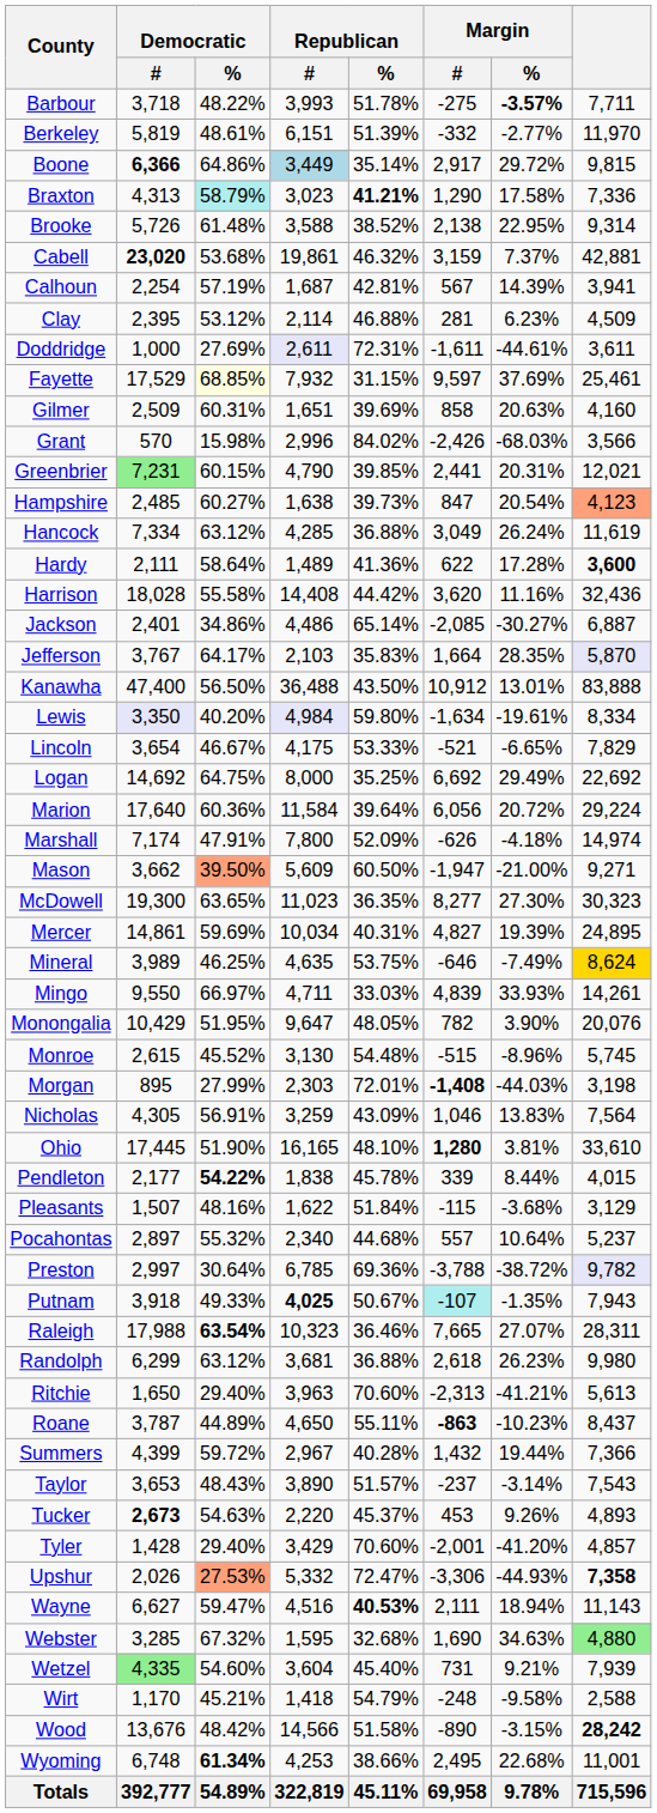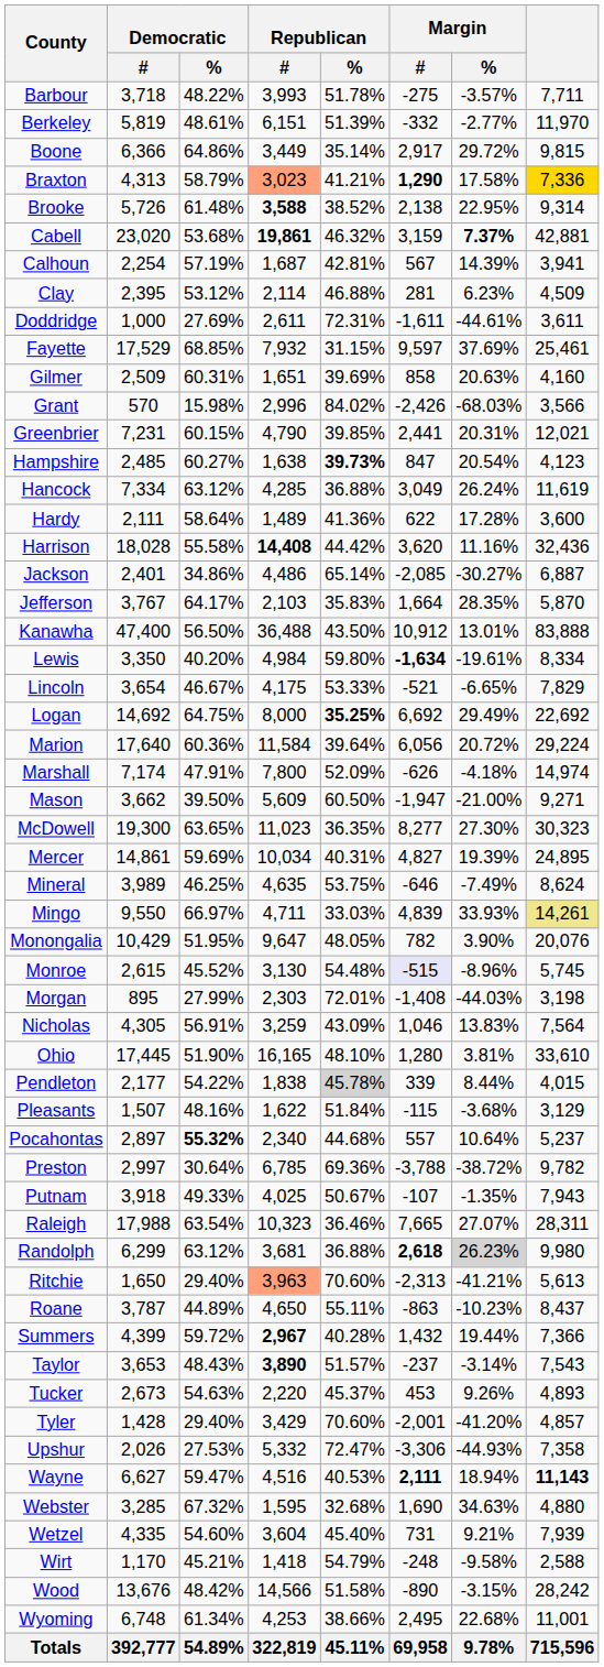 <table class="wikitable sortable mw-collapsible mw-collapsed">
 <tr>
 <th rowspan="2">County</th>
 <th colspan="2"><br>Democratic</th>
 <th colspan="2"><br>Republican</th>
 <th colspan="2">Margin</th>
 <th rowspan="2"></th>
 </tr>
 <tr>
 <th style="text-align:center;" data-sort-type="number">#</th>
 <th style="text-align:center;" data-sort-type="number">%</th>
 <th style="text-align:center;" data-sort-type="number">#</th>
 <th style="text-align:center;" data-sort-type="number">%</th>
 <th style="text-align:center;" data-sort-type="number">#</th>
 <th style="text-align:center;" data-sort-type="number">%</th>
 </tr>
 <tr style="text-align:center;">
 <td><a href='#'>Barbour</a></td>
 <td>3,718</td>
 <td>48.22%</td>
 <td>3,993</td>
 <td>51.78%</td>
 <td>-275</td>
-<td><strong>-3.57%</strong></td>
+<td>-3.57%</td>
 <td>7,711</td>
 </tr>
 <tr style="text-align:center;">
 <td><a href='#'>Berkeley</a></td>
 <td>5,819</td>
 <td>48.61%</td>
 <td>6,151</td>
 <td>51.39%</td>
 <td>-332</td>
 <td>-2.77%</td>
 <td>11,970</td>
 </tr>
 <tr style="text-align:center;">
 <td><a href='#'>Boone</a></td>
-<td><strong>6,366</strong></td>
+<td>6,366</td>
 <td>64.86%</td>
-<td style="background: lightblue;">3,449</td>
+<td>3,449</td>
 <td>35.14%</td>
 <td>2,917</td>
 <td>29.72%</td>
 <td>9,815</td>
 </tr>
 <tr style="text-align:center;">
 <td><a href='#'>Braxton</a></td>
 <td>4,313</td>
-<td style="background: paleturquoise;">58.79%</td>
-<td>3,023</td>
-<td><strong>41.21%</strong></td>
-<td>1,290</td>
+<td>58.79%</td>
+<td style="background: lightsalmon;">3,023</td>
+<td>41.21%</td>
+<td><strong>1,290</strong></td>
 <td>17.58%</td>
-<td>7,336</td>
+<td style="background: gold;">7,336</td>
 </tr>
 <tr style="text-align:center;">
 <td><a href='#'>Brooke</a></td>
 <td>5,726</td>
 <td>61.48%</td>
-<td>3,588</td>
+<td><strong>3,588</strong></td>
 <td>38.52%</td>
 <td>2,138</td>
 <td>22.95%</td>
 <td>9,314</td>
 </tr>
 <tr style="text-align:center;">
 <td><a href='#'>Cabell</a></td>
-<td><strong>23,020</strong></td>
+<td>23,020</td>
 <td>53.68%</td>
-<td>19,861</td>
+<td><strong>19,861</strong></td>
 <td>46.32%</td>
 <td>3,159</td>
-<td>7.37%</td>
+<td><strong>7.37%</strong></td>
 <td>42,881</td>
 </tr>
 <tr style="text-align:center;">
 <td><a href='#'>Calhoun</a></td>
 <td>2,254</td>
 <td>57.19%</td>
 <td>1,687</td>
 <td>42.81%</td>
 <td>567</td>
 <td>14.39%</td>
 <td>3,941</td>
 </tr>
 <tr style="text-align:center;">
 <td><a href='#'>Clay</a></td>
 <td>2,395</td>
 <td>53.12%</td>
 <td>2,114</td>
 <td>46.88%</td>
 <td>281</td>
 <td>6.23%</td>
 <td>4,509</td>
 </tr>
 <tr style="text-align:center;">
 <td><a href='#'>Doddridge</a></td>
 <td>1,000</td>
 <td>27.69%</td>
-<td style="background: lavender;">2,611</td>
+<td>2,611</td>
 <td>72.31%</td>
 <td>-1,611</td>
 <td>-44.61%</td>
 <td>3,611</td>
 </tr>
 <tr style="text-align:center;">
 <td><a href='#'>Fayette</a></td>
 <td>17,529</td>
-<td style="background: lightyellow;">68.85%</td>
+<td>68.85%</td>
 <td>7,932</td>
 <td>31.15%</td>
 <td>9,597</td>
 <td>37.69%</td>
 <td>25,461</td>
 </tr>
 <tr style="text-align:center;">
 <td><a href='#'>Gilmer</a></td>
 <td>2,509</td>
 <td>60.31%</td>
 <td>1,651</td>
 <td>39.69%</td>
 <td>858</td>
 <td>20.63%</td>
 <td>4,160</td>
 </tr>
 <tr style="text-align:center;">
 <td><a href='#'>Grant</a></td>
 <td>570</td>
 <td>15.98%</td>
 <td>2,996</td>
 <td>84.02%</td>
 <td>-2,426</td>
 <td>-68.03%</td>
 <td>3,566</td>
 </tr>
 <tr style="text-align:center;">
 <td><a href='#'>Greenbrier</a></td>
-<td style="background: lightgreen;">7,231</td>
+<td>7,231</td>
 <td>60.15%</td>
 <td>4,790</td>
 <td>39.85%</td>
 <td>2,441</td>
 <td>20.31%</td>
 <td>12,021</td>
 </tr>
 <tr style="text-align:center;">
 <td><a href='#'>Hampshire</a></td>
 <td>2,485</td>
 <td>60.27%</td>
 <td>1,638</td>
-<td>39.73%</td>
+<td><strong>39.73%</strong></td>
 <td>847</td>
 <td>20.54%</td>
-<td style="background: lightsalmon;">4,123</td>
+<td>4,123</td>
 </tr>
 <tr style="text-align:center;">
 <td><a href='#'>Hancock</a></td>
 <td>7,334</td>
 <td>63.12%</td>
 <td>4,285</td>
 <td>36.88%</td>
 <td>3,049</td>
 <td>26.24%</td>
 <td>11,619</td>
 </tr>
 <tr style="text-align:center;">
 <td><a href='#'>Hardy</a></td>
 <td>2,111</td>
 <td>58.64%</td>
 <td>1,489</td>
 <td>41.36%</td>
 <td>622</td>
 <td>17.28%</td>
-<td><strong>3,600</strong></td>
+<td>3,600</td>
 </tr>
 <tr style="text-align:center;">
 <td><a href='#'>Harrison</a></td>
 <td>18,028</td>
 <td>55.58%</td>
-<td>14,408</td>
+<td><strong>14,408</strong></td>
 <td>44.42%</td>
 <td>3,620</td>
 <td>11.16%</td>
 <td>32,436</td>
 </tr>
 <tr style="text-align:center;">
 <td><a href='#'>Jackson</a></td>
 <td>2,401</td>
 <td>34.86%</td>
 <td>4,486</td>
 <td>65.14%</td>
 <td>-2,085</td>
 <td>-30.27%</td>
 <td>6,887</td>
 </tr>
 <tr style="text-align:center;">
 <td><a href='#'>Jefferson</a></td>
 <td>3,767</td>
 <td>64.17%</td>
 <td>2,103</td>
 <td>35.83%</td>
 <td>1,664</td>
 <td>28.35%</td>
-<td style="background: lavender;">5,870</td>
+<td>5,870</td>
 </tr>
 <tr style="text-align:center;">
 <td><a href='#'>Kanawha</a></td>
 <td>47,400</td>
 <td>56.50%</td>
 <td>36,488</td>
 <td>43.50%</td>
 <td>10,912</td>
 <td>13.01%</td>
 <td>83,888</td>
 </tr>
 <tr style="text-align:center;">
 <td><a href='#'>Lewis</a></td>
-<td style="background: lavender;">3,350</td>
+<td>3,350</td>
 <td>40.20%</td>
-<td style="background: lavender;">4,984</td>
+<td>4,984</td>
 <td>59.80%</td>
-<td>-1,634</td>
+<td><strong>-1,634</strong></td>
 <td>-19.61%</td>
 <td>8,334</td>
 </tr>
 <tr style="text-align:center;">
 <td><a href='#'>Lincoln</a></td>
 <td>3,654</td>
 <td>46.67%</td>
 <td>4,175</td>
 <td>53.33%</td>
 <td>-521</td>
 <td>-6.65%</td>
 <td>7,829</td>
 </tr>
 <tr style="text-align:center;">
 <td><a href='#'>Logan</a></td>
 <td>14,692</td>
 <td>64.75%</td>
 <td>8,000</td>
-<td>35.25%</td>
+<td><strong>35.25%</strong></td>
 <td>6,692</td>
 <td>29.49%</td>
 <td>22,692</td>
 </tr>
 <tr style="text-align:center;">
 <td><a href='#'>Marion</a></td>
 <td>17,640</td>
 <td>60.36%</td>
 <td>11,584</td>
 <td>39.64%</td>
 <td>6,056</td>
 <td>20.72%</td>
 <td>29,224</td>
 </tr>
 <tr style="text-align:center;">
 <td><a href='#'>Marshall</a></td>
 <td>7,174</td>
 <td>47.91%</td>
 <td>7,800</td>
 <td>52.09%</td>
 <td>-626</td>
 <td>-4.18%</td>
 <td>14,974</td>
 </tr>
 <tr style="text-align:center;">
 <td><a href='#'>Mason</a></td>
 <td>3,662</td>
-<td style="background: lightsalmon;">39.50%</td>
+<td>39.50%</td>
 <td>5,609</td>
 <td>60.50%</td>
 <td>-1,947</td>
 <td>-21.00%</td>
 <td>9,271</td>
 </tr>
 <tr style="text-align:center;">
 <td><a href='#'>McDowell</a></td>
 <td>19,300</td>
 <td>63.65%</td>
 <td>11,023</td>
 <td>36.35%</td>
 <td>8,277</td>
 <td>27.30%</td>
 <td>30,323</td>
 </tr>
 <tr style="text-align:center;">
 <td><a href='#'>Mercer</a></td>
 <td>14,861</td>
 <td>59.69%</td>
 <td>10,034</td>
 <td>40.31%</td>
 <td>4,827</td>
 <td>19.39%</td>
 <td>24,895</td>
 </tr>
 <tr style="text-align:center;">
 <td><a href='#'>Mineral</a></td>
 <td>3,989</td>
 <td>46.25%</td>
 <td>4,635</td>
 <td>53.75%</td>
 <td>-646</td>
 <td>-7.49%</td>
-<td style="background: gold;">8,624</td>
+<td>8,624</td>
 </tr>
 <tr style="text-align:center;">
 <td><a href='#'>Mingo</a></td>
 <td>9,550</td>
 <td>66.97%</td>
 <td>4,711</td>
 <td>33.03%</td>
 <td>4,839</td>
 <td>33.93%</td>
-<td>14,261</td>
+<td style="background: khaki;">14,261</td>
 </tr>
 <tr style="text-align:center;">
 <td><a href='#'>Monongalia</a></td>
 <td>10,429</td>
 <td>51.95%</td>
 <td>9,647</td>
 <td>48.05%</td>
 <td>782</td>
 <td>3.90%</td>
 <td>20,076</td>
 </tr>
 <tr style="text-align:center;">
 <td><a href='#'>Monroe</a></td>
 <td>2,615</td>
 <td>45.52%</td>
 <td>3,130</td>
 <td>54.48%</td>
-<td>-515</td>
+<td style="background: lavender;">-515</td>
 <td>-8.96%</td>
 <td>5,745</td>
 </tr>
 <tr style="text-align:center;">
 <td><a href='#'>Morgan</a></td>
 <td>895</td>
 <td>27.99%</td>
 <td>2,303</td>
 <td>72.01%</td>
-<td><strong>-1,408</strong></td>
+<td>-1,408</td>
 <td>-44.03%</td>
 <td>3,198</td>
 </tr>
 <tr style="text-align:center;">
 <td><a href='#'>Nicholas</a></td>
 <td>4,305</td>
 <td>56.91%</td>
 <td>3,259</td>
 <td>43.09%</td>
 <td>1,046</td>
 <td>13.83%</td>
 <td>7,564</td>
 </tr>
 <tr style="text-align:center;">
 <td><a href='#'>Ohio</a></td>
 <td>17,445</td>
 <td>51.90%</td>
 <td>16,165</td>
 <td>48.10%</td>
-<td><strong>1,280</strong></td>
+<td>1,280</td>
 <td>3.81%</td>
 <td>33,610</td>
 </tr>
 <tr style="text-align:center;">
 <td><a href='#'>Pendleton</a></td>
 <td>2,177</td>
-<td><strong>54.22%</strong></td>
+<td>54.22%</td>
 <td>1,838</td>
-<td>45.78%</td>
+<td style="background: lightgrey;">45.78%</td>
 <td>339</td>
 <td>8.44%</td>
 <td>4,015</td>
 </tr>
 <tr style="text-align:center;">
 <td><a href='#'>Pleasants</a></td>
 <td>1,507</td>
 <td>48.16%</td>
 <td>1,622</td>
 <td>51.84%</td>
 <td>-115</td>
 <td>-3.68%</td>
 <td>3,129</td>
 </tr>
 <tr style="text-align:center;">
 <td><a href='#'>Pocahontas</a></td>
 <td>2,897</td>
-<td>55.32%</td>
+<td><strong>55.32%</strong></td>
 <td>2,340</td>
 <td>44.68%</td>
 <td>557</td>
 <td>10.64%</td>
 <td>5,237</td>
 </tr>
 <tr style="text-align:center;">
 <td><a href='#'>Preston</a></td>
 <td>2,997</td>
 <td>30.64%</td>
 <td>6,785</td>
 <td>69.36%</td>
 <td>-3,788</td>
 <td>-38.72%</td>
-<td style="background: lavender;">9,782</td>
+<td>9,782</td>
 </tr>
 <tr style="text-align:center;">
 <td><a href='#'>Putnam</a></td>
 <td>3,918</td>
 <td>49.33%</td>
-<td><strong>4,025</strong></td>
+<td>4,025</td>
 <td>50.67%</td>
-<td style="background: paleturquoise;">-107</td>
+<td>-107</td>
 <td>-1.35%</td>
 <td>7,943</td>
 </tr>
 <tr style="text-align:center;">
 <td><a href='#'>Raleigh</a></td>
 <td>17,988</td>
-<td><strong>63.54%</strong></td>
+<td>63.54%</td>
 <td>10,323</td>
 <td>36.46%</td>
 <td>7,665</td>
 <td>27.07%</td>
 <td>28,311</td>
 </tr>
 <tr style="text-align:center;">
 <td><a href='#'>Randolph</a></td>
 <td>6,299</td>
 <td>63.12%</td>
 <td>3,681</td>
 <td>36.88%</td>
-<td>2,618</td>
-<td>26.23%</td>
+<td><strong>2,618</strong></td>
+<td style="background: lightgrey;">26.23%</td>
 <td>9,980</td>
 </tr>
 <tr style="text-align:center;">
 <td><a href='#'>Ritchie</a></td>
 <td>1,650</td>
 <td>29.40%</td>
-<td>3,963</td>
+<td style="background: lightsalmon;">3,963</td>
 <td>70.60%</td>
 <td>-2,313</td>
 <td>-41.21%</td>
 <td>5,613</td>
 </tr>
 <tr style="text-align:center;">
 <td><a href='#'>Roane</a></td>
 <td>3,787</td>
 <td>44.89%</td>
 <td>4,650</td>
 <td>55.11%</td>
-<td><strong>-863</strong></td>
+<td>-863</td>
 <td>-10.23%</td>
 <td>8,437</td>
 </tr>
 <tr style="text-align:center;">
 <td><a href='#'>Summers</a></td>
 <td>4,399</td>
 <td>59.72%</td>
-<td>2,967</td>
+<td><strong>2,967</strong></td>
 <td>40.28%</td>
 <td>1,432</td>
 <td>19.44%</td>
 <td>7,366</td>
 </tr>
 <tr style="text-align:center;">
 <td><a href='#'>Taylor</a></td>
 <td>3,653</td>
 <td>48.43%</td>
-<td>3,890</td>
+<td><strong>3,890</strong></td>
 <td>51.57%</td>
 <td>-237</td>
 <td>-3.14%</td>
 <td>7,543</td>
 </tr>
 <tr style="text-align:center;">
 <td><a href='#'>Tucker</a></td>
-<td><strong>2,673</strong></td>
+<td>2,673</td>
 <td>54.63%</td>
 <td>2,220</td>
 <td>45.37%</td>
 <td>453</td>
 <td>9.26%</td>
 <td>4,893</td>
 </tr>
 <tr style="text-align:center;">
 <td><a href='#'>Tyler</a></td>
 <td>1,428</td>
 <td>29.40%</td>
 <td>3,429</td>
 <td>70.60%</td>
 <td>-2,001</td>
 <td>-41.20%</td>
 <td>4,857</td>
 </tr>
 <tr style="text-align:center;">
 <td><a href='#'>Upshur</a></td>
 <td>2,026</td>
-<td style="background: lightsalmon;">27.53%</td>
+<td>27.53%</td>
 <td>5,332</td>
 <td>72.47%</td>
 <td>-3,306</td>
 <td>-44.93%</td>
-<td><strong>7,358</strong></td>
+<td>7,358</td>
 </tr>
 <tr style="text-align:center;">
 <td><a href='#'>Wayne</a></td>
 <td>6,627</td>
 <td>59.47%</td>
 <td>4,516</td>
-<td><strong>40.53%</strong></td>
-<td>2,111</td>
+<td>40.53%</td>
+<td><strong>2,111</strong></td>
 <td>18.94%</td>
-<td>11,143</td>
+<td><strong>11,143</strong></td>
 </tr>
 <tr style="text-align:center;">
 <td><a href='#'>Webster</a></td>
 <td>3,285</td>
 <td>67.32%</td>
 <td>1,595</td>
 <td>32.68%</td>
 <td>1,690</td>
 <td>34.63%</td>
-<td style="background: lightgreen;">4,880</td>
+<td>4,880</td>
 </tr>
 <tr style="text-align:center;">
 <td><a href='#'>Wetzel</a></td>
-<td style="background: lightgreen;">4,335</td>
+<td>4,335</td>
 <td>54.60%</td>
 <td>3,604</td>
 <td>45.40%</td>
 <td>731</td>
 <td>9.21%</td>
 <td>7,939</td>
 </tr>
 <tr style="text-align:center;">
 <td><a href='#'>Wirt</a></td>
 <td>1,170</td>
 <td>45.21%</td>
 <td>1,418</td>
 <td>54.79%</td>
 <td>-248</td>
 <td>-9.58%</td>
 <td>2,588</td>
 </tr>
 <tr style="text-align:center;">
 <td><a href='#'>Wood</a></td>
 <td>13,676</td>
 <td>48.42%</td>
 <td>14,566</td>
 <td>51.58%</td>
 <td>-890</td>
 <td>-3.15%</td>
-<td><strong>28,242</strong></td>
+<td>28,242</td>
 </tr>
 <tr style="text-align:center;">
 <td><a href='#'>Wyoming</a></td>
 <td>6,748</td>
-<td><strong>61.34%</strong></td>
+<td>61.34%</td>
 <td>4,253</td>
 <td>38.66%</td>
 <td>2,495</td>
 <td>22.68%</td>
 <td>11,001</td>
 </tr>
 <tr>
 <th>Totals</th>
 <th>392,777</th>
 <th>54.89%</th>
 <th>322,819</th>
 <th>45.11%</th>
 <th>69,958</th>
 <th>9.78%</th>
 <th>715,596</th>
 </tr>
 </table>
